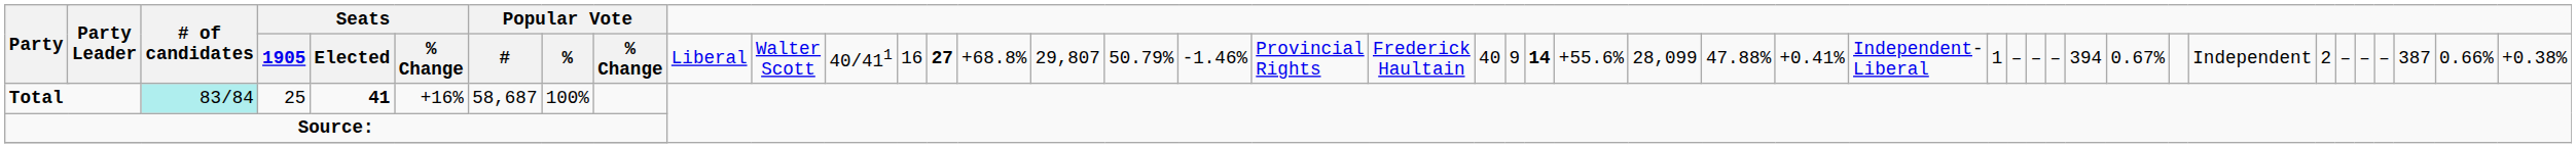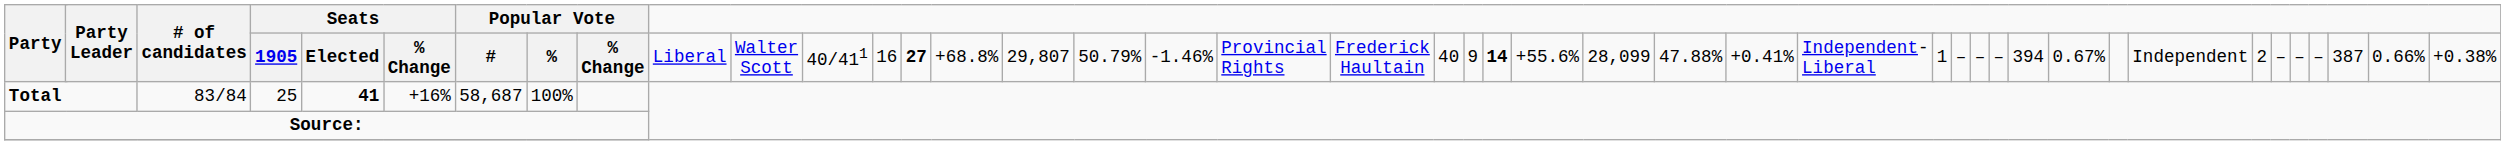 <table class="wikitable">
 <tr>
 <th rowspan=2 colspan=2>Party</th>
 <th rowspan=2>Party Leader</th>
 <th rowspan=2># of<br>candidates</th>
 <th colspan=3>Seats</th>
 <th colspan=3>Popular Vote</th>
 </tr>
 <tr>
 <th><a href='#'>1905</a></th>
 <th>Elected</th>
 <th>% Change</th>
 <th>#</th>
 <th>%</th>
 <th>% Change<br></th>
 <td><a href='#'>Liberal</a></td>
 <td align="center"><a href='#'>Walter Scott</a></td>
 <td align="right">40/41<sup>1</sup></td>
 <td align="right">16</td>
 <td align="right"><strong>27</strong></td>
 <td align="right">+68.8%</td>
 <td align="right">29,807</td>
 <td align="right">50.79%</td>
 <td align="right">-1.46%<br></td>
 <td><a href='#'>Provincial Rights</a></td>
 <td align="center"><a href='#'>Frederick Haultain</a></td>
 <td align="right">40</td>
 <td align="right">9</td>
 <td align="right"><strong>14</strong></td>
 <td align="right">+55.6%</td>
 <td align="right">28,099</td>
 <td align="right">47.88%</td>
 <td align="right">+0.41%<br></td>
 <td colspan=2><a href='#'>Independent</a>-<a href='#'>Liberal</a></td>
 <td align="right">1</td>
 <td align="right">–</td>
 <td align="right">–</td>
 <td align="right">–</td>
 <td align="right">394</td>
 <td align="right">0.67%</td>
 <td align="right"> <br></td>
 <td colspan=2>Independent</td>
 <td align="right">2</td>
 <td align="right">–</td>
 <td align="right">–</td>
 <td align="right">–</td>
 <td align="right">387</td>
 <td align="right">0.66%</td>
 <td align="right">+0.38%</td>
 </tr>
 <tr>
 <td colspan=3><strong>Total</strong></td>
-<td align="right" style="background: paleturquoise;">83/84</td>
+<td align="right">83/84</td>
 <td align="right">25</td>
 <td align="right"><strong>41</strong></td>
 <td align="right">+16%</td>
 <td align="right">58,687</td>
 <td align="right">100%</td>
 <td align="right"> </td>
 </tr>
 <tr>
 <td align="center" colspan=10><strong>Source:</strong> </td>
 </tr>
 <tr>
 </tr>
 </table>
